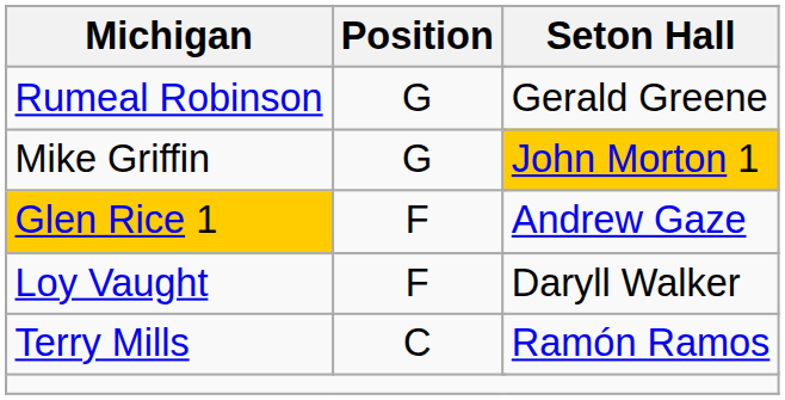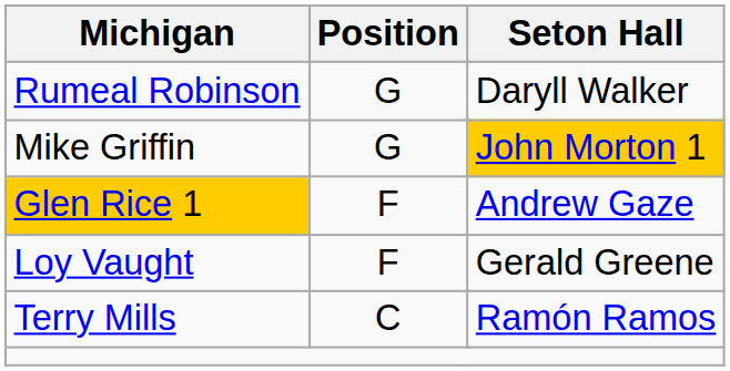 <table class="wikitable">
 <tr>
 <th>Michigan</th>
 <th colspan="2">Position</th>
 <th>Seton Hall</th>
 </tr>
 <tr>
 <td><a href='#'>Rumeal Robinson</a></td>
 <td colspan=2 style="text-align:center">G</td>
-<td>Gerald Greene</td>
+<td>Daryll Walker</td>
 </tr>
 <tr>
 <td>Mike Griffin</td>
 <td colspan=2 style="text-align:center">G</td>
 <td style="background:#ffcc00"><a href='#'>John Morton</a> 1</td>
 </tr>
 <tr>
 <td style="background:#ffcc00"><a href='#'>Glen Rice</a> 1</td>
 <td colspan=2 style="text-align:center">F</td>
 <td><a href='#'>Andrew Gaze</a></td>
 </tr>
 <tr>
 <td><a href='#'>Loy Vaught</a></td>
 <td colspan=2 style="text-align:center">F</td>
-<td>Daryll Walker</td>
+<td>Gerald Greene</td>
 </tr>
 <tr>
 <td><a href='#'>Terry Mills</a></td>
 <td colspan=2 style="text-align:center">C</td>
 <td><a href='#'>Ramón Ramos</a><br></td>
 </tr>
 <tr>
 <td colspan="5" align=center></td>
 </tr>
 </table>
